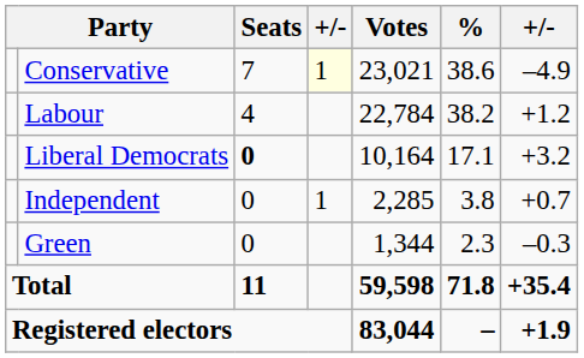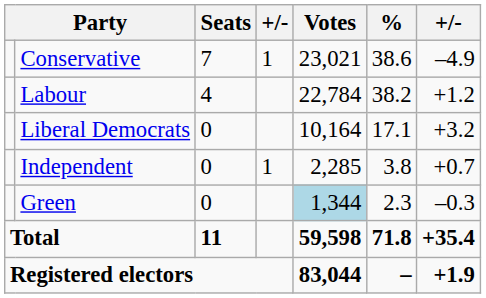 <table class="wikitable sortable">
 <tr>
 <th colspan="2">Party</th>
 <th>Seats</th>
 <th>+/-</th>
 <th>Votes</th>
 <th>%</th>
 <th>+/-</th>
 </tr>
 <tr>
 <td style="background-color: "></td>
 <td><a href='#'>Conservative</a></td>
 <td>7</td>
-<td style="background: lightyellow;"> 1</td>
+<td> 1</td>
 <td style="text-align:right;">23,021</td>
 <td style="text-align:right;">38.6</td>
 <td style="text-align:right;">–4.9</td>
 </tr>
 <tr>
 <td style="background-color: "></td>
 <td><a href='#'>Labour</a></td>
 <td>4</td>
 <td></td>
 <td style="text-align:right;">22,784</td>
 <td style="text-align:right;">38.2</td>
 <td style="text-align:right;">+1.2</td>
 </tr>
 <tr>
 <td style="background-color: "></td>
 <td><a href='#'>Liberal Democrats</a></td>
-<td><strong>0</strong></td>
+<td>0</td>
 <td></td>
 <td style="text-align:right;">10,164</td>
 <td style="text-align:right;">17.1</td>
 <td style="text-align:right;">+3.2</td>
 </tr>
 <tr>
 <td style="background-color: "></td>
 <td><a href='#'>Independent</a></td>
 <td>0</td>
 <td> 1</td>
 <td style="text-align:right;">2,285</td>
 <td style="text-align:right;">3.8</td>
 <td style="text-align:right;">+0.7</td>
 </tr>
 <tr>
 <td style="background-color: "></td>
 <td><a href='#'>Green</a></td>
 <td>0</td>
 <td></td>
-<td style="text-align:right;">1,344</td>
+<td style="background: lightblue; text-align:right;">1,344</td>
 <td style="text-align:right;">2.3</td>
 <td style="text-align:right;">–0.3</td>
 </tr>
 <tr>
 <td colspan="2"><strong>Total</strong></td>
 <td><strong>11</strong></td>
 <td></td>
 <td style="text-align:right;"><strong>59,598</strong></td>
 <td style="text-align:right;"><strong>71.8</strong></td>
 <td style="text-align:right;"><strong>+35.4</strong></td>
 </tr>
 <tr>
 <td colspan="4"><strong>Registered electors</strong></td>
 <td style="text-align:right;"><strong>83,044</strong></td>
 <td style="text-align:right;"><strong>–</strong></td>
 <td style="text-align:right;"><strong>+1.9</strong></td>
 </tr>
 </table>
